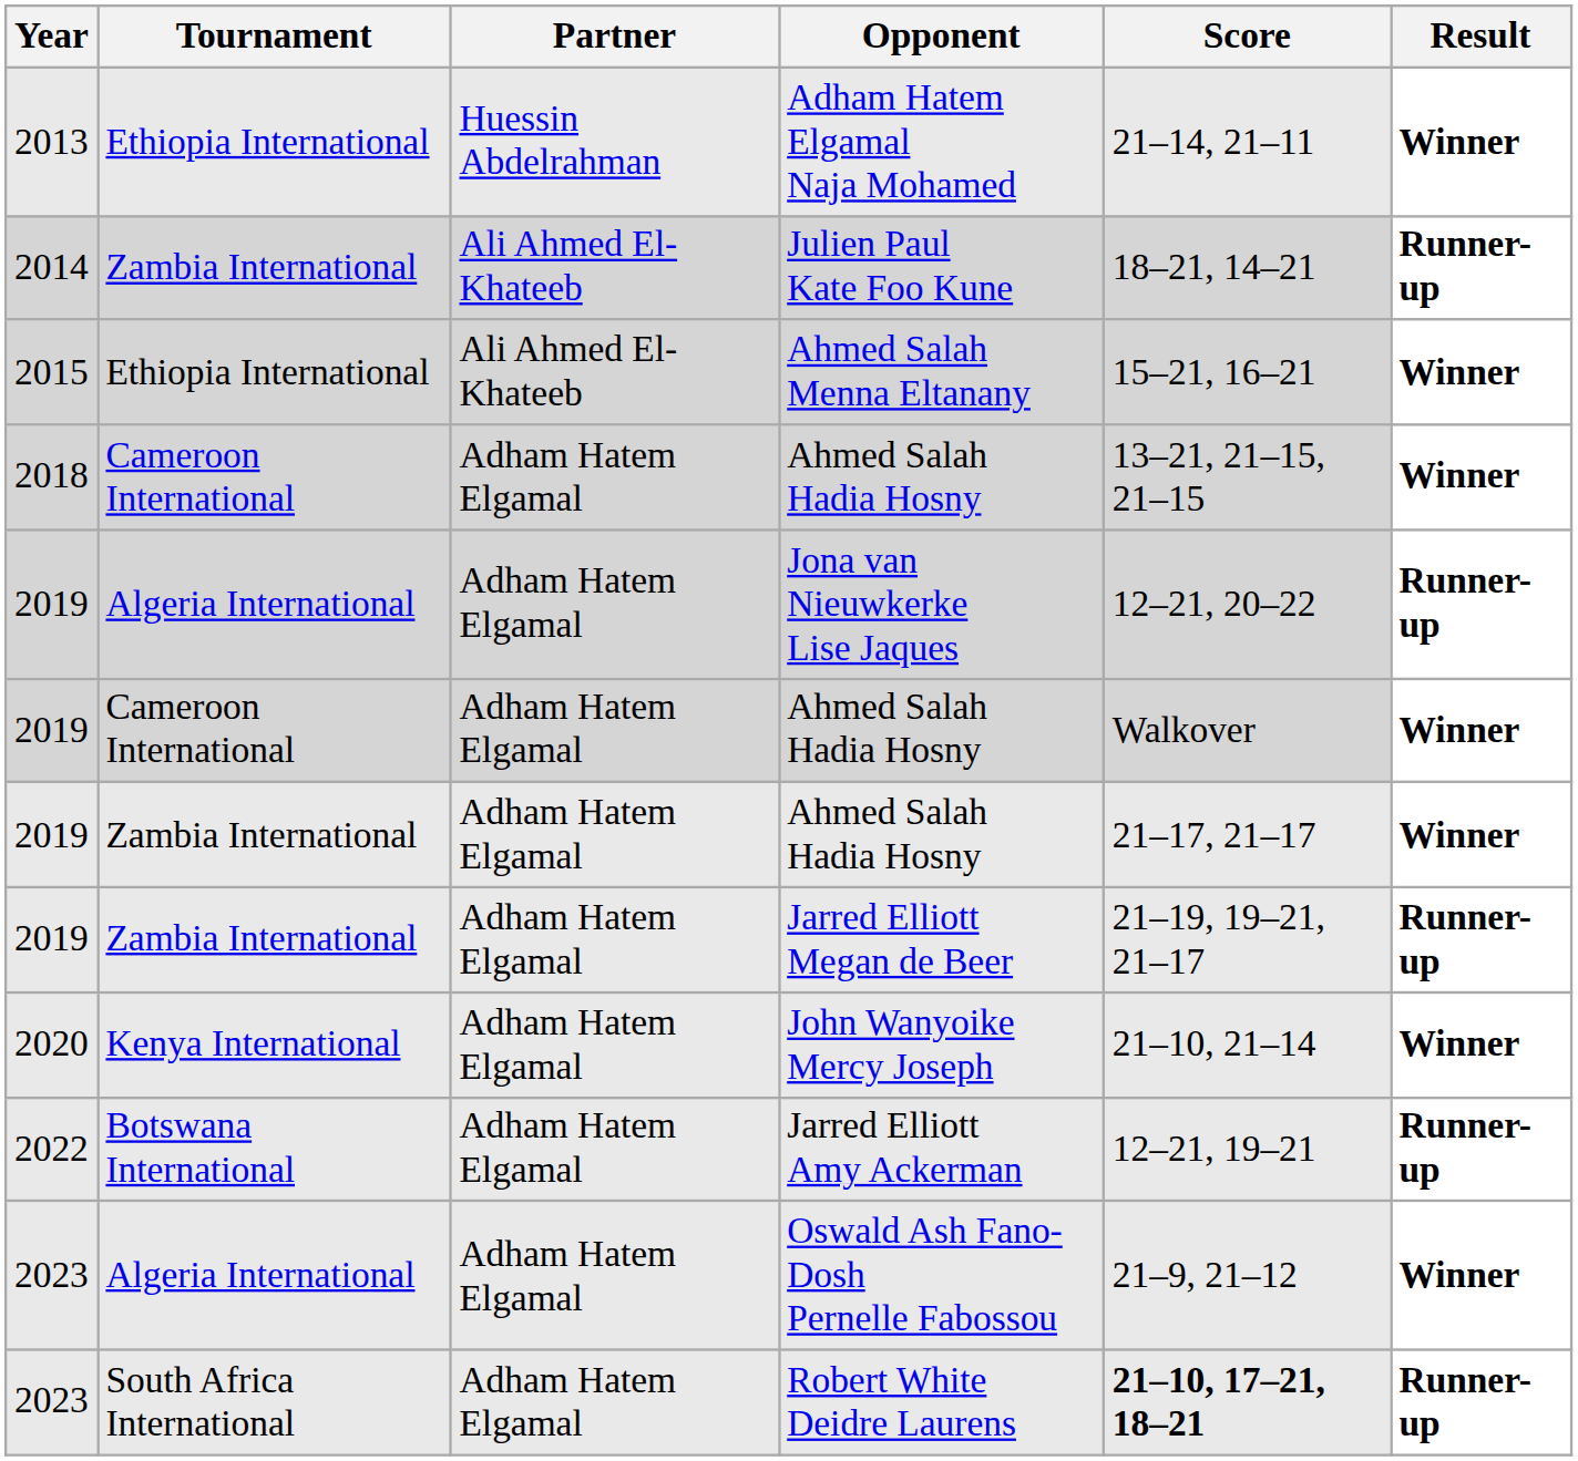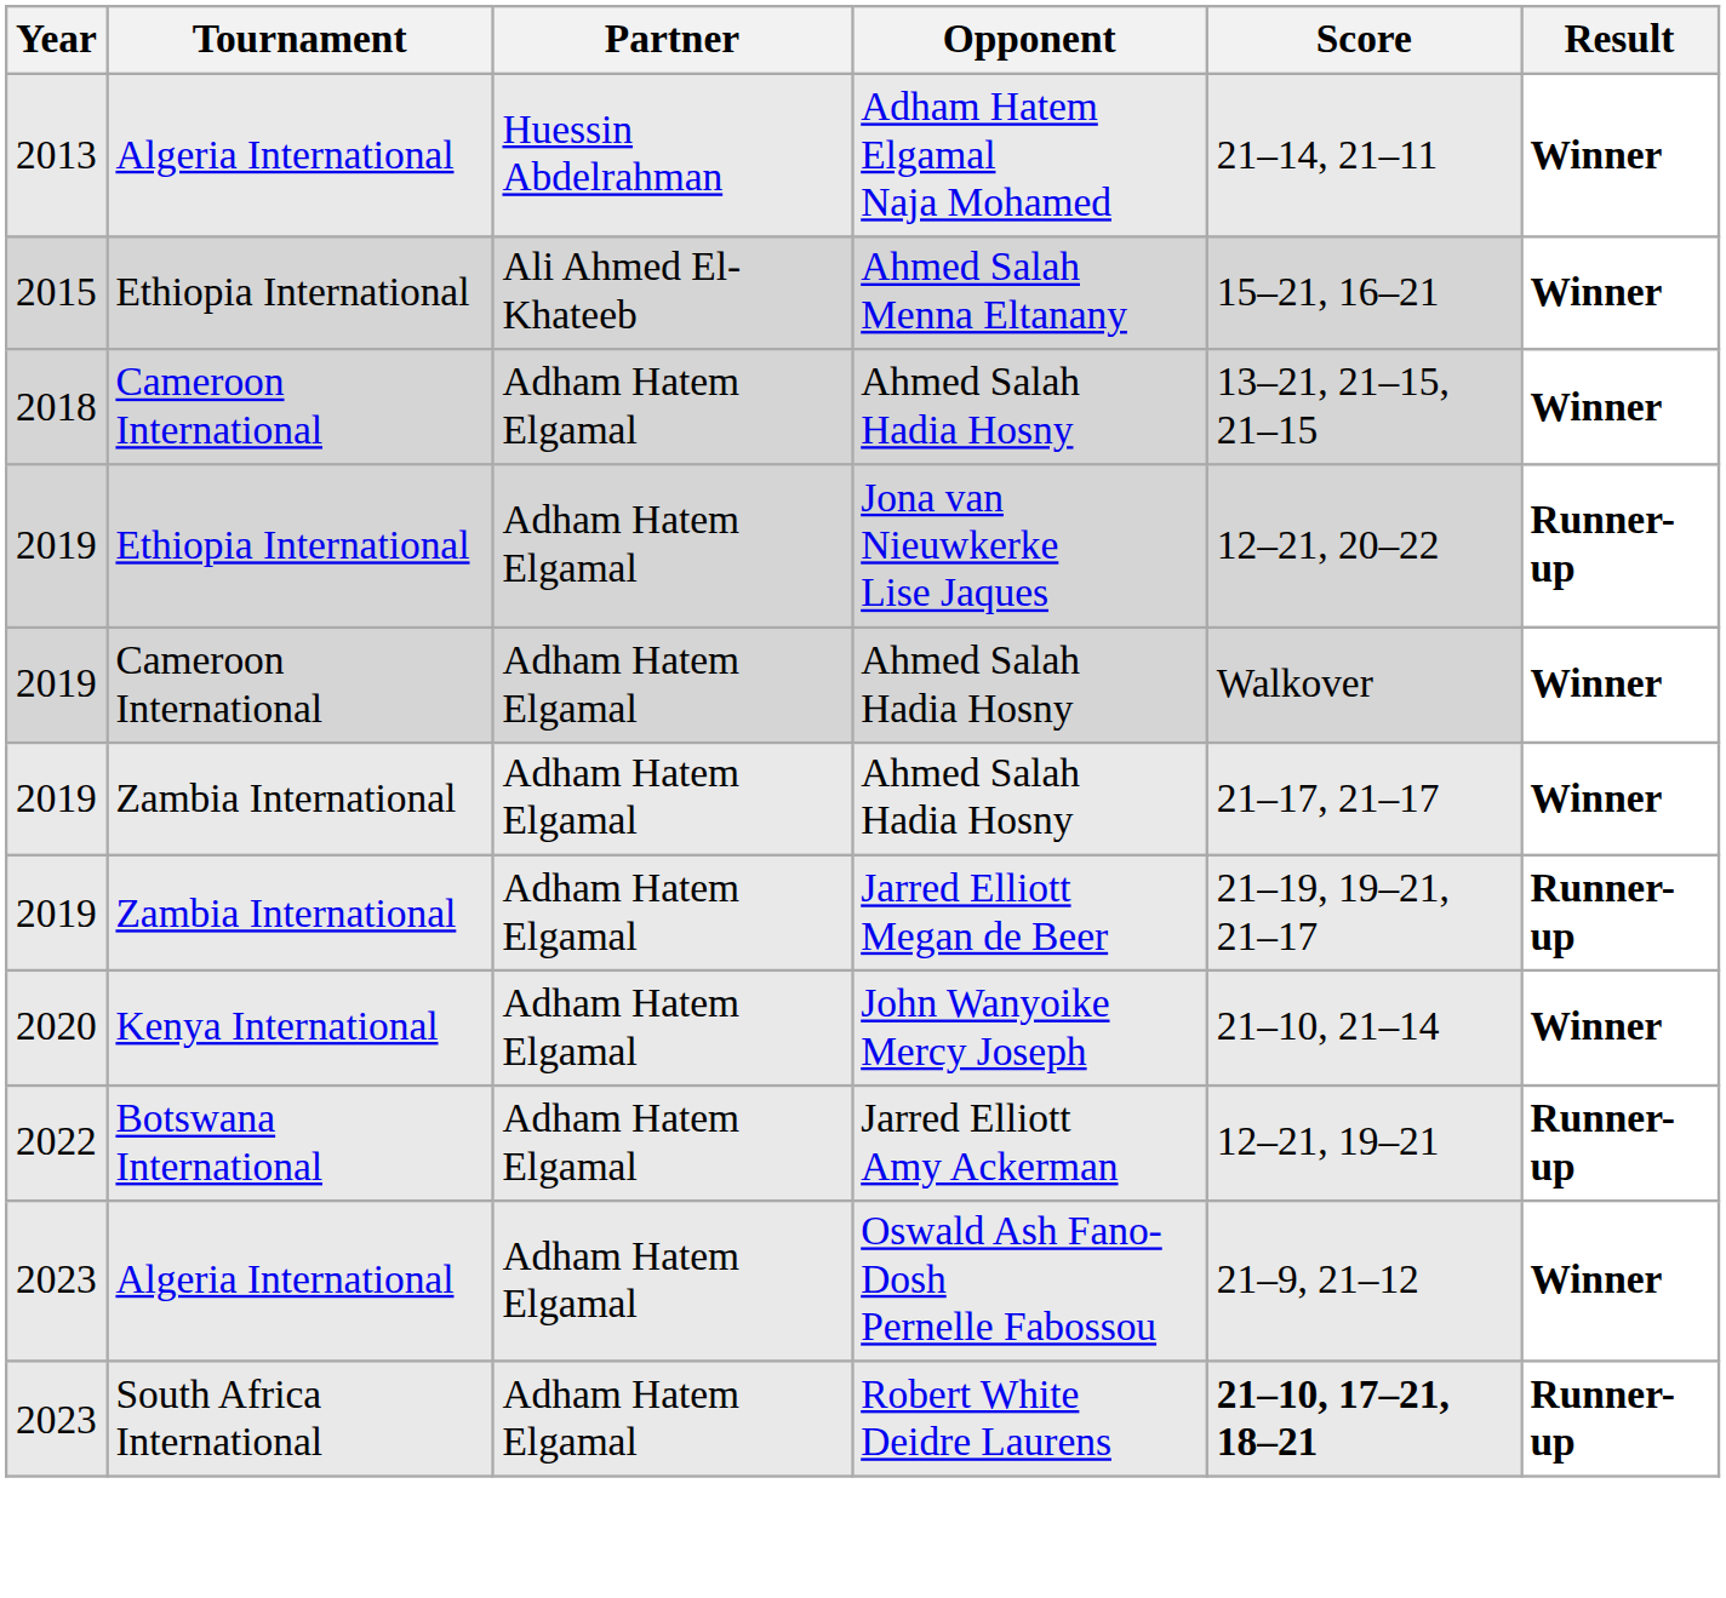 <table class="sortable wikitable" style="font-size: 90%">
 <tr>
 <th>Year</th>
 <th>Tournament</th>
 <th>Partner</th>
 <th>Opponent</th>
 <th>Score</th>
 <th>Result</th>
 </tr>
 <tr style="background:#E9E9E9">
 <td align="center">2013</td>
-<td align="left"><a href='#'>Ethiopia International</a></td>
+<td align="left"><a href='#'>Algeria International</a></td>
 <td align="left"> <a href='#'>Huessin Abdelrahman</a></td>
 <td align="left"> <a href='#'>Adham Hatem Elgamal</a><br> <a href='#'>Naja Mohamed</a></td>
 <td align="left">21–14, 21–11</td>
 <td style="text-align:left; background:white"> <strong>Winner</strong></td>
-</tr>
-<tr style="background:#D5D5D5">
-<td align="center">2014</td>
-<td align="left"><a href='#'>Zambia International</a></td>
-<td align="left"> <a href='#'>Ali Ahmed El-Khateeb</a></td>
-<td align="left"> <a href='#'>Julien Paul</a><br> <a href='#'>Kate Foo Kune</a></td>
-<td align="left">18–21, 14–21</td>
-<td style="text-align:left; background:white"> <strong>Runner-up</strong></td>
 </tr>
 <tr style="background:#D5D5D5">
 <td align="center">2015</td>
 <td align="left">Ethiopia International</td>
 <td align="left"> Ali Ahmed El-Khateeb</td>
 <td align="left"> <a href='#'>Ahmed Salah</a><br> <a href='#'>Menna Eltanany</a></td>
 <td align="left">15–21, 16–21</td>
 <td style="text-align:left; background:white"> <strong>Winner</strong></td>
 </tr>
 <tr style="background:#D5D5D5">
 <td align="center">2018</td>
 <td align="left"><a href='#'>Cameroon International</a></td>
 <td align="left"> Adham Hatem Elgamal</td>
 <td align="left"> Ahmed Salah<br> <a href='#'>Hadia Hosny</a></td>
 <td align="left">13–21, 21–15, 21–15</td>
 <td style="text-align:left; background:white"> <strong>Winner</strong></td>
 </tr>
 <tr style="background:#D5D5D5">
 <td align="center">2019</td>
-<td align="left"><a href='#'>Algeria International</a></td>
+<td align="left"><a href='#'>Ethiopia International</a></td>
 <td align="left"> Adham Hatem Elgamal</td>
 <td align="left"> <a href='#'>Jona van Nieuwkerke</a><br> <a href='#'>Lise Jaques</a></td>
 <td align="left">12–21, 20–22</td>
 <td style="text-align:left; background:white"> <strong>Runner-up</strong></td>
 </tr>
 <tr style="background:#D5D5D5">
 <td align="center">2019</td>
 <td align="left">Cameroon International</td>
 <td align="left"> Adham Hatem Elgamal</td>
 <td align="left"> Ahmed Salah<br> Hadia Hosny</td>
 <td align="left">Walkover</td>
 <td style="text-align:left; background:white"> <strong>Winner</strong></td>
 </tr>
 <tr style="background:#E9E9E9">
 <td align="center">2019</td>
 <td align="left">Zambia International</td>
 <td align="left"> Adham Hatem Elgamal</td>
 <td align="left"> Ahmed Salah<br> Hadia Hosny</td>
 <td align="left">21–17, 21–17</td>
 <td style="text-align:left; background:white"> <strong>Winner</strong></td>
 </tr>
 <tr style="background:#E9E9E9">
 <td align="center">2019</td>
 <td align="left"><a href='#'>Zambia International</a></td>
 <td align="left"> Adham Hatem Elgamal</td>
 <td align="left"> <a href='#'>Jarred Elliott</a><br> <a href='#'>Megan de Beer</a></td>
 <td align="left">21–19, 19–21, 21–17</td>
 <td style="text-align:left; background:white"> <strong>Runner-up</strong></td>
 </tr>
 <tr style="background:#E9E9E9">
 <td align="center">2020</td>
 <td align="left"><a href='#'>Kenya International</a></td>
 <td align="left"> Adham Hatem Elgamal</td>
 <td align="left"> <a href='#'>John Wanyoike</a><br> <a href='#'>Mercy Joseph</a></td>
 <td align="left">21–10, 21–14</td>
 <td style="text-align:left; background:white"> <strong>Winner</strong></td>
 </tr>
 <tr style="background:#E9E9E9">
 <td align="center">2022</td>
 <td align="left"><a href='#'>Botswana International</a></td>
 <td align="left"> Adham Hatem Elgamal</td>
 <td align="left"> Jarred Elliott<br> <a href='#'>Amy Ackerman</a></td>
 <td align="left">12–21, 19–21</td>
 <td style="text-align:left; background:white"> <strong>Runner-up</strong></td>
 </tr>
 <tr style="background:#E9E9E9">
 <td align="center">2023</td>
 <td align="left"><a href='#'>Algeria International</a></td>
 <td align="left"> Adham Hatem Elgamal</td>
 <td align="left"> <a href='#'>Oswald Ash Fano-Dosh</a><br>  <a href='#'>Pernelle Fabossou</a></td>
 <td align="left">21–9, 21–12</td>
 <td style="text-align:left; background:white"> <strong>Winner</strong></td>
 </tr>
 <tr style="background:#E9E9E9">
 <td align="center">2023</td>
 <td align="left">South Africa International</td>
 <td align="left"> Adham Hatem Elgamal</td>
 <td align="left"> <a href='#'>Robert White</a><br> <a href='#'>Deidre Laurens</a></td>
 <td align="left"><strong>21–10, 17–21, 18–21</strong></td>
 <td style="text-align:left; background:white"> <strong>Runner-up</strong></td>
 </tr>
 </table>
